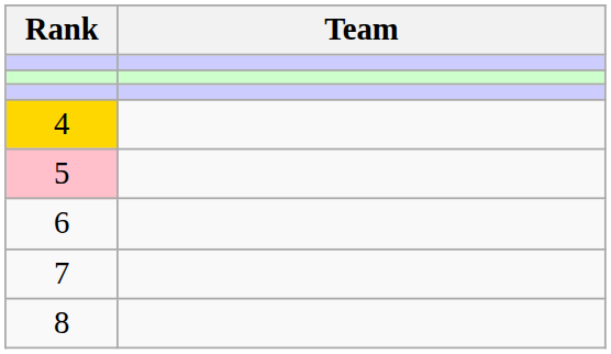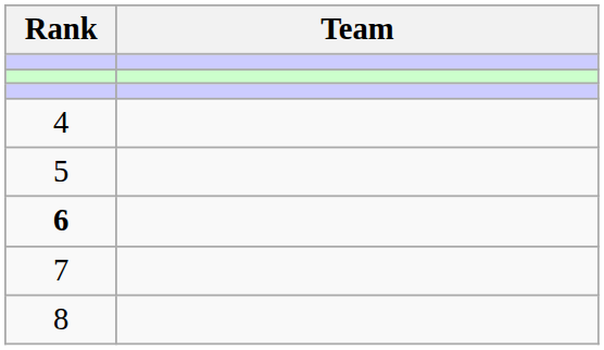 <table class="wikitable" style="text-align: center;">
 <tr>
 <th width="50">Rank</th>
 <th width="240">Team</th>
 </tr>
 <tr bgcolor="ccccff">
 <td></td>
 <td align="left"></td>
 </tr>
 <tr bgcolor="ccffcc">
 <td></td>
 <td align="left"></td>
 </tr>
 <tr bgcolor="ccccff">
 <td></td>
 <td align="left"></td>
 </tr>
 <tr>
-<td style="background: gold;">4</td>
+<td>4</td>
 <td align="left"></td>
 </tr>
 <tr>
-<td style="background: pink;">5</td>
+<td>5</td>
 <td align="left"></td>
 </tr>
 <tr>
-<td>6</td>
+<td><strong>6</strong></td>
 <td align="left"></td>
 </tr>
 <tr>
 <td>7</td>
 <td align="left"></td>
 </tr>
 <tr>
 <td>8</td>
 <td align="left"></td>
 </tr>
 </table>
